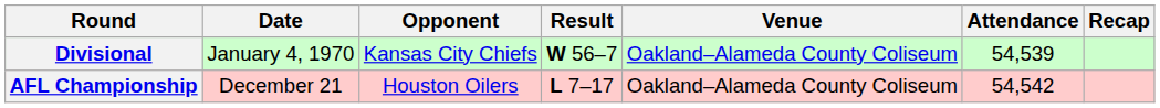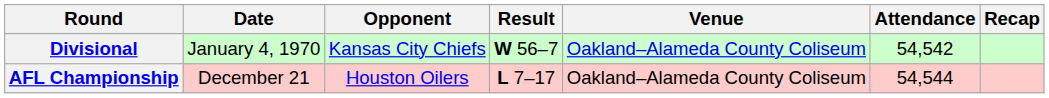 <table class="wikitable" style="text-align:center">
 <tr>
 <th>Round</th>
 <th>Date</th>
 <th>Opponent</th>
 <th>Result</th>
 <th>Venue</th>
 <th>Attendance</th>
 <th>Recap</th>
 </tr>
 <tr style="background:#cfc">
 <th><a href='#'>Divisional</a></th>
 <td>January 4, 1970</td>
 <td><a href='#'>Kansas City Chiefs</a></td>
 <td><strong>W</strong> 56–7</td>
 <td><a href='#'>Oakland–Alameda County Coliseum</a></td>
-<td>54,539</td>
+<td>54,542</td>
 <td></td>
 </tr>
 <tr style="background:#fcc">
 <th><a href='#'>AFL Championship</a></th>
 <td>December 21</td>
 <td><a href='#'>Houston Oilers</a></td>
 <td><strong>L</strong> 7–17</td>
 <td>Oakland–Alameda County Coliseum</td>
-<td>54,542</td>
+<td>54,544</td>
 <td></td>
 </tr>
 </table>
